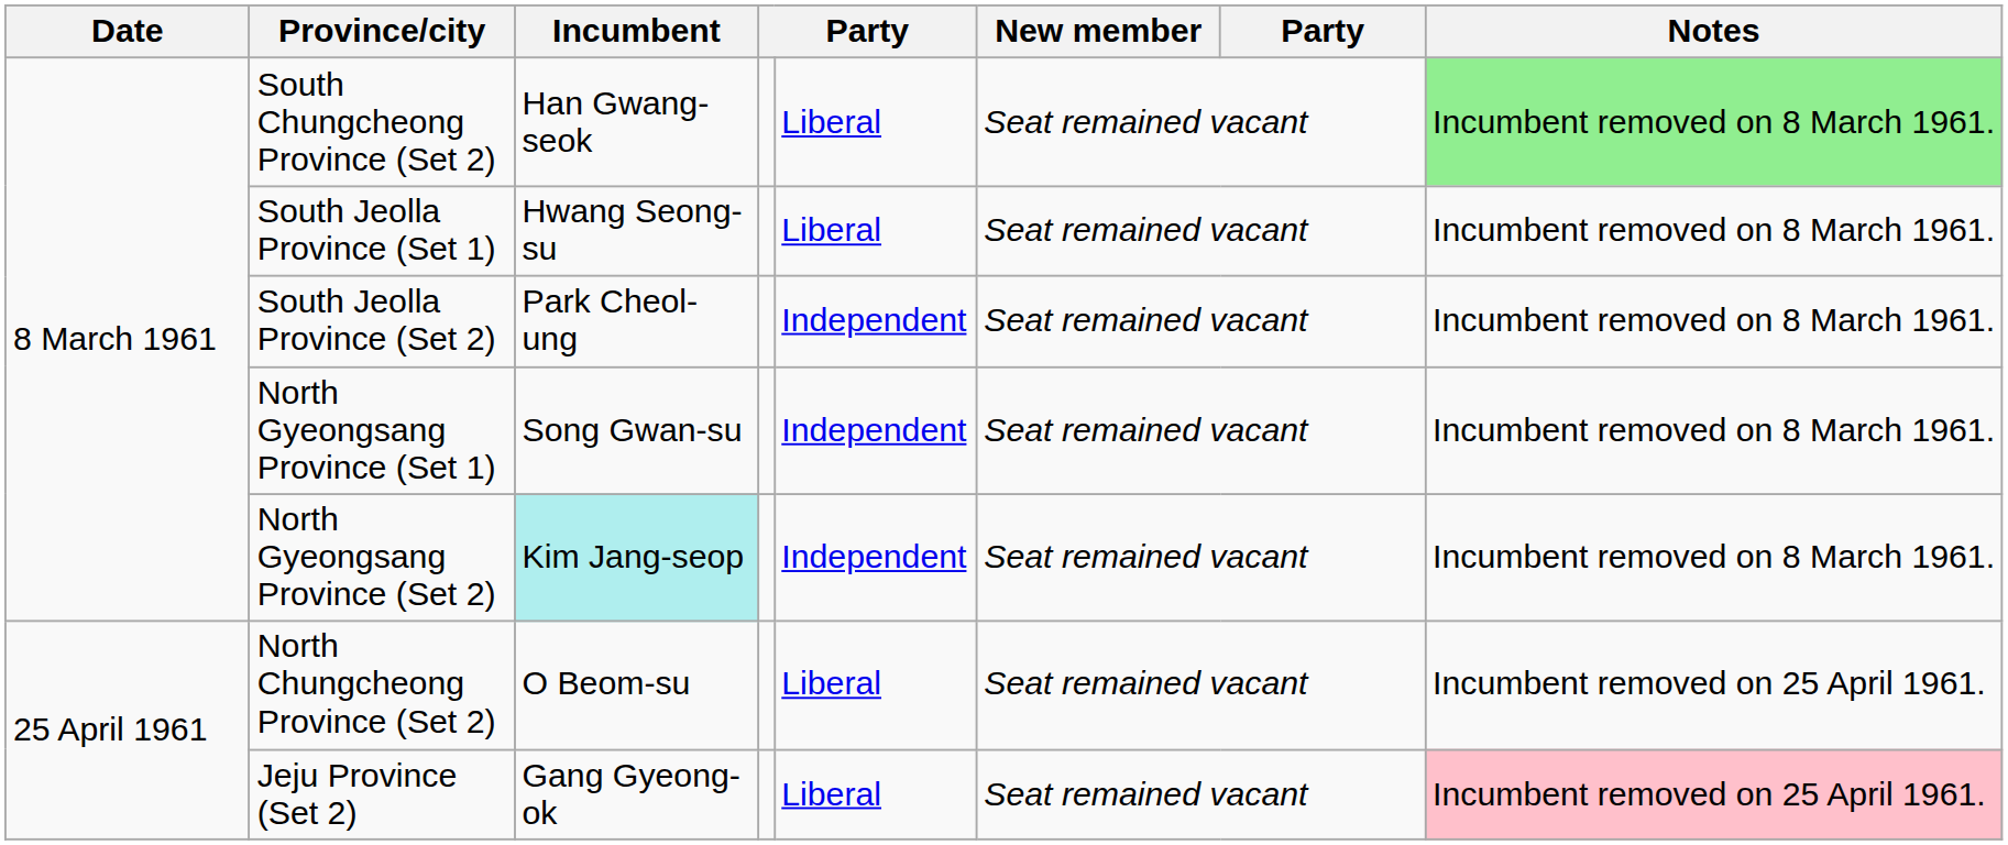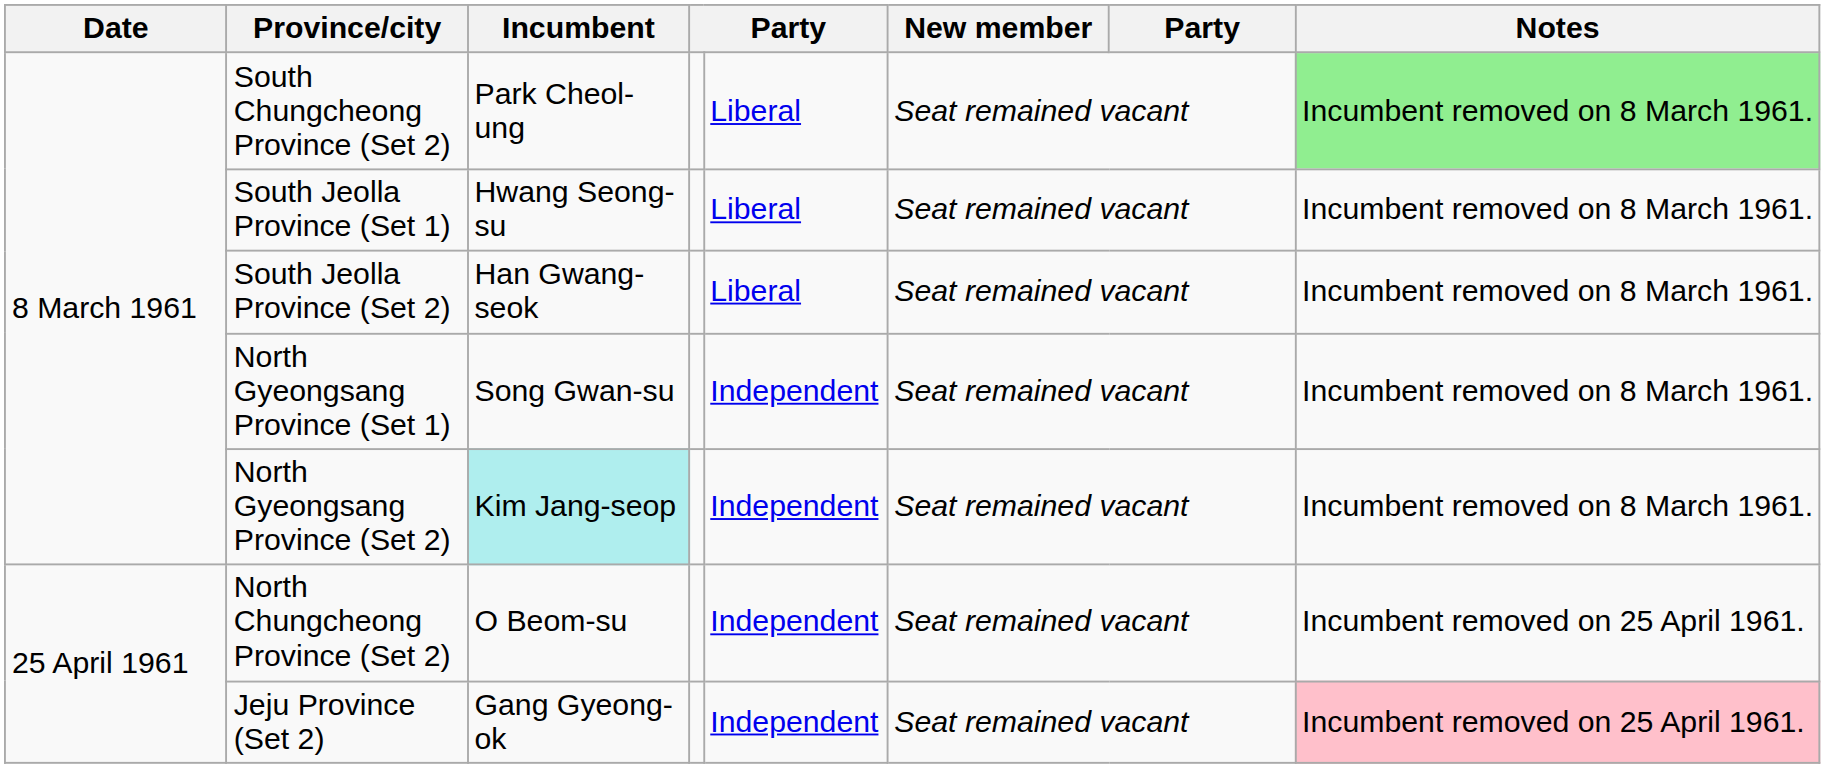 <table class="wikitable sortable plainrowheaders">
 <tr>
 <th width="110px">Date</th>
 <th width="120px">Province/city</th>
 <th width="110px">Incumbent</th>
 <th colspan="2">Party</th>
 <th width="110px">New member</th>
 <th width="91px">Party</th>
 <th class="unsortable">Notes</th>
 </tr>
 <tr>
 <td rowspan="5">8 March 1961</td>
 <td>South Chungcheong Province (Set 2)</td>
-<td>Han Gwang-seok</td>
+<td>Park Cheol-ung</td>
 <td></td>
 <td width="90px"><a href='#'>Liberal</a></td>
 <td colspan="2"><em>Seat remained vacant</em></td>
 <td style="background: lightgreen;">Incumbent removed on 8 March 1961.</td>
 </tr>
 <tr>
 <td>South Jeolla Province (Set 1)</td>
 <td>Hwang Seong-su</td>
 <td></td>
 <td><a href='#'>Liberal</a></td>
 <td colspan="2"><em>Seat remained vacant</em></td>
 <td>Incumbent removed on 8 March 1961.</td>
 </tr>
 <tr>
 <td>South Jeolla Province (Set 2)</td>
-<td>Park Cheol-ung</td>
+<td>Han Gwang-seok</td>
 <td></td>
-<td><a href='#'>Independent</a></td>
+<td width="90px"><a href='#'>Liberal</a></td>
 <td colspan="2"><em>Seat remained vacant</em></td>
 <td>Incumbent removed on 8 March 1961.</td>
 </tr>
 <tr>
 <td>North Gyeongsang Province (Set 1)</td>
 <td>Song Gwan-su</td>
 <td></td>
 <td><a href='#'>Independent</a></td>
 <td colspan="2"><em>Seat remained vacant</em></td>
 <td>Incumbent removed on 8 March 1961.</td>
 </tr>
 <tr>
 <td>North Gyeongsang Province (Set 2)</td>
 <td style="background: paleturquoise;">Kim Jang-seop</td>
 <td></td>
 <td><a href='#'>Independent</a></td>
 <td colspan="2"><em>Seat remained vacant</em></td>
 <td>Incumbent removed on 8 March 1961.</td>
 </tr>
 <tr>
 <td rowspan="2">25 April 1961</td>
 <td>North Chungcheong Province (Set 2)</td>
 <td>O Beom-su</td>
 <td></td>
-<td><a href='#'>Liberal</a></td>
+<td><a href='#'>Independent</a></td>
 <td colspan="2"><em>Seat remained vacant</em></td>
 <td>Incumbent removed on 25 April 1961.</td>
 </tr>
 <tr>
 <td>Jeju Province (Set 2)</td>
 <td>Gang Gyeong-ok</td>
 <td></td>
-<td><a href='#'>Liberal</a></td>
+<td><a href='#'>Independent</a></td>
 <td colspan="2"><em>Seat remained vacant</em></td>
 <td style="background: pink;">Incumbent removed on 25 April 1961.</td>
 </tr>
 </table>
